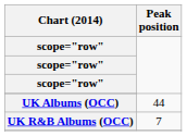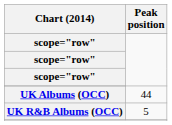 <table class="wikitable sortable plainrowheaders" style="text-align:center">
 <tr>
 <th scope="col">Chart (2014)</th>
 <th scope="col">Peak<br>position</th>
 </tr>
 <tr>
 <th>scope="row"</th>
 </tr>
 <tr>
 <th>scope="row"</th>
 </tr>
 <tr>
 <th>scope="row"</th>
 </tr>
 <tr>
 </tr>
 <tr>
 <th scope="row"><a href='#'>UK Albums</a> (<a href='#'>OCC</a>)</th>
 <td>44</td>
 </tr>
 <tr>
 <th scope="row"><a href='#'>UK R&B Albums</a> (<a href='#'>OCC</a>)</th>
-<td>7</td>
+<td>5</td>
 </tr>
 <tr>
 </tr>
 <tr>
 </tr>
 </table>
